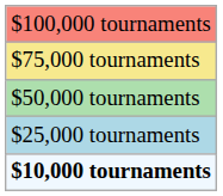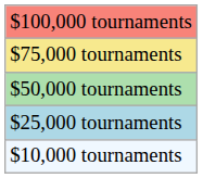 <table class=wikitable style="font-size:85%">
 <tr bgcolor="#F88379">
 <td>$100,000 tournaments</td>
 </tr>
 <tr bgcolor="#F7E98E">
 <td>$75,000 tournaments</td>
 </tr>
 <tr bgcolor="#addfad">
 <td>$50,000 tournaments</td>
 </tr>
 <tr bgcolor=lightblue>
 <td>$25,000 tournaments</td>
 </tr>
 <tr bgcolor=f0f8ff>
-<td><strong>$10,000 tournaments</strong></td>
+<td>$10,000 tournaments</td>
 </tr>
 </table>
